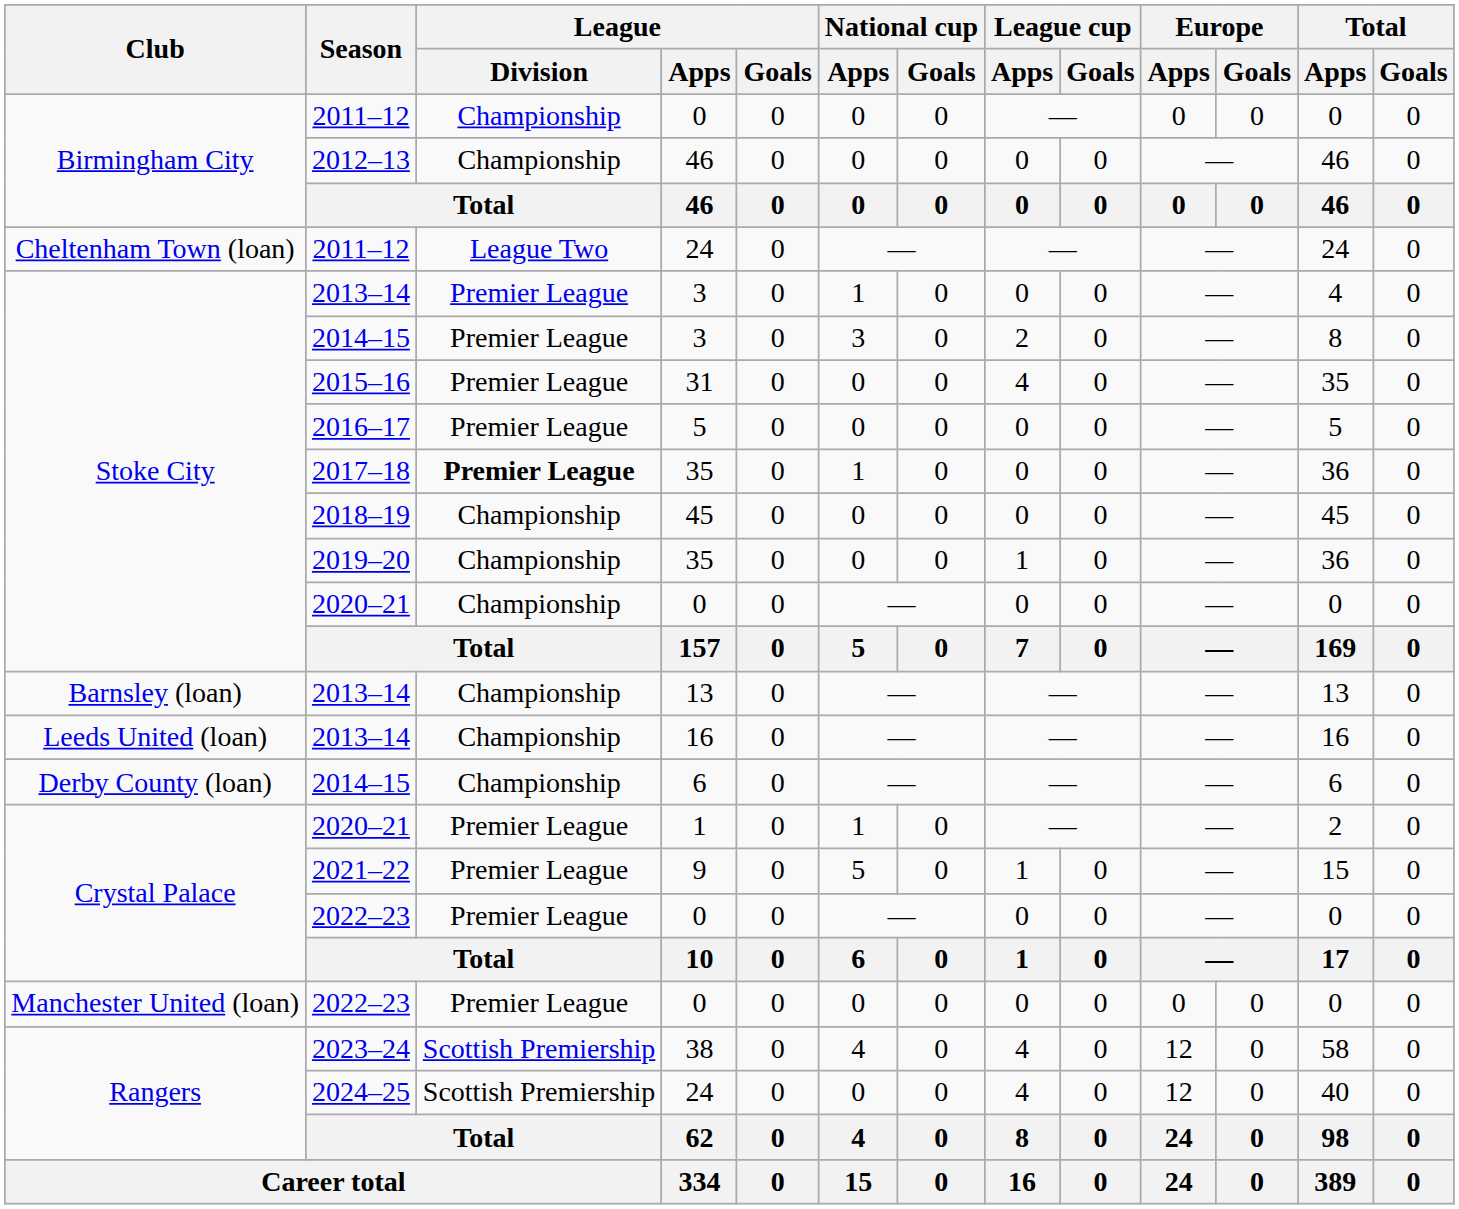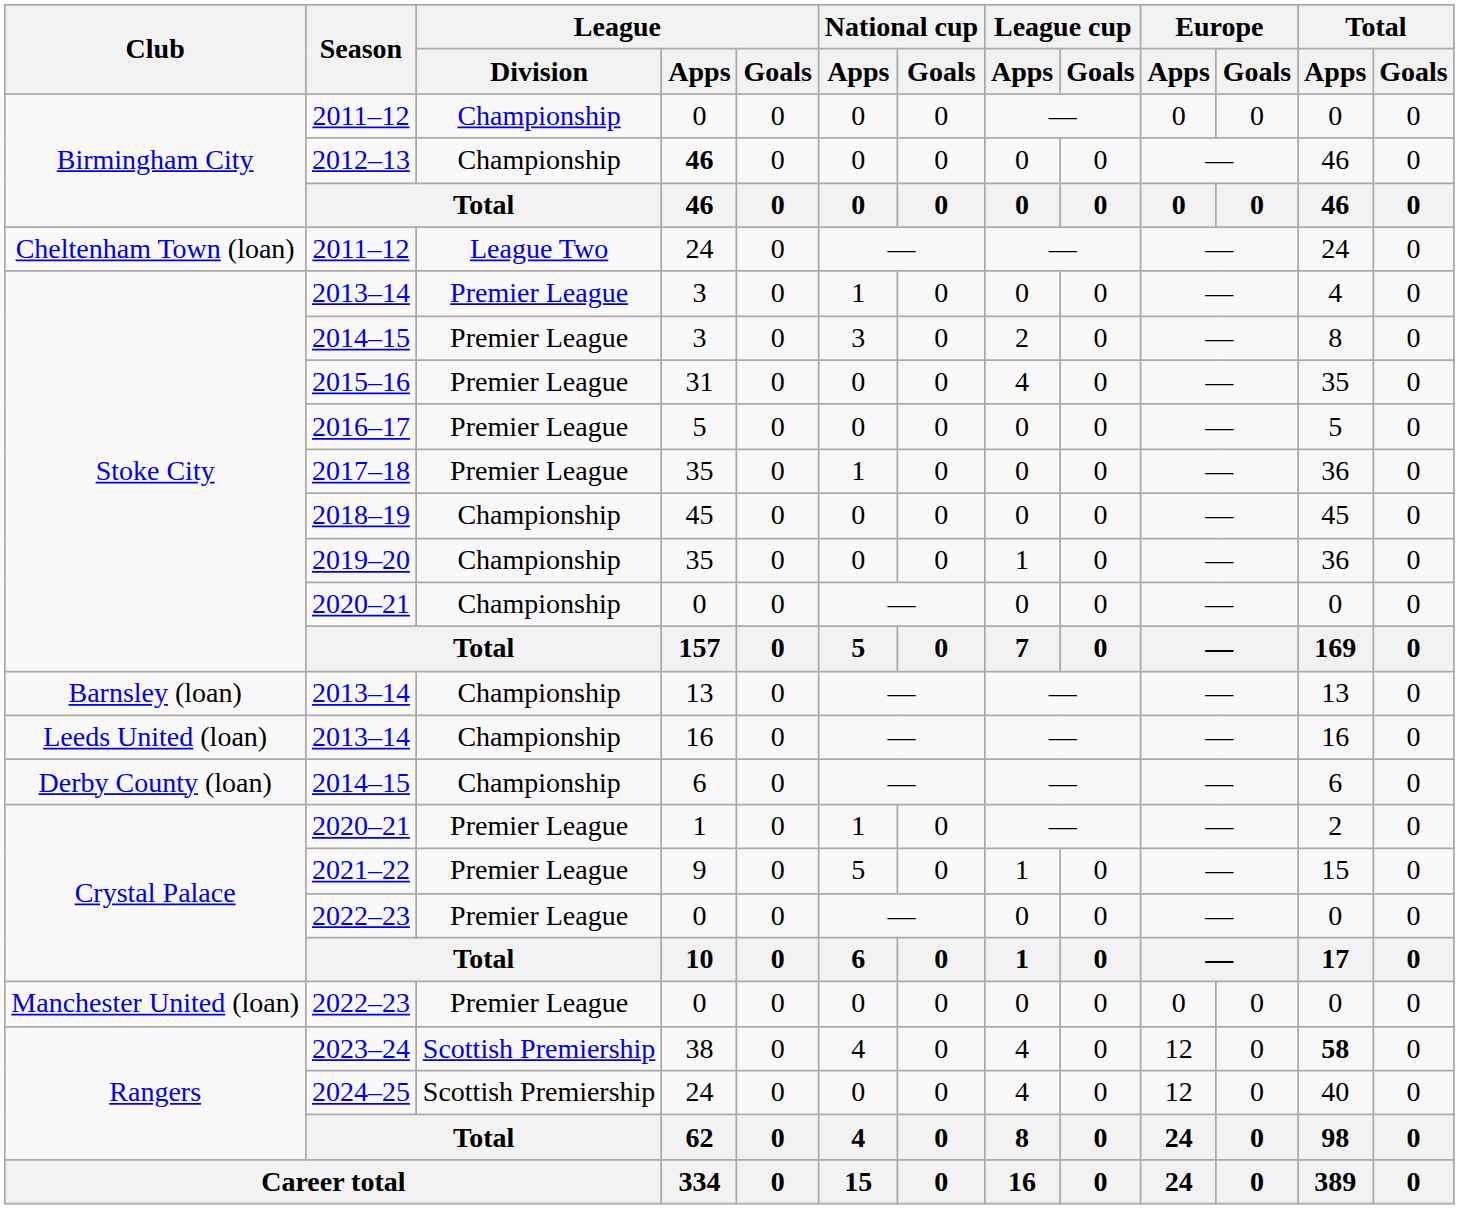 <table class=wikitable style=text-align:center>
 <tr>
 <th rowspan=2>Club</th>
 <th rowspan=2>Season</th>
 <th colspan=3>League</th>
 <th colspan=2>National cup</th>
 <th colspan=2>League cup</th>
 <th colspan=2>Europe</th>
 <th colspan=2>Total</th>
 </tr>
 <tr>
 <th>Division</th>
 <th>Apps</th>
 <th>Goals</th>
 <th>Apps</th>
 <th>Goals</th>
 <th>Apps</th>
 <th>Goals</th>
 <th>Apps</th>
 <th>Goals</th>
 <th>Apps</th>
 <th>Goals</th>
 </tr>
 <tr>
 <td rowspan=3><a href='#'>Birmingham City</a></td>
 <td><a href='#'>2011–12</a></td>
 <td><a href='#'>Championship</a></td>
 <td>0</td>
 <td>0</td>
 <td>0</td>
 <td>0</td>
 <td colspan=2>—</td>
 <td>0</td>
 <td>0</td>
 <td>0</td>
 <td>0</td>
 </tr>
 <tr>
 <td><a href='#'>2012–13</a></td>
 <td>Championship</td>
-<td>46</td>
+<td><strong>46</strong></td>
 <td>0</td>
 <td>0</td>
 <td>0</td>
 <td>0</td>
 <td>0</td>
 <td colspan=2>—</td>
 <td>46</td>
 <td>0</td>
 </tr>
 <tr>
 <th colspan=2>Total</th>
 <th>46</th>
 <th>0</th>
 <th>0</th>
 <th>0</th>
 <th>0</th>
 <th>0</th>
 <th>0</th>
 <th>0</th>
 <th>46</th>
 <th>0</th>
 </tr>
 <tr>
 <td><a href='#'>Cheltenham Town</a> (loan)</td>
 <td><a href='#'>2011–12</a></td>
 <td><a href='#'>League Two</a></td>
 <td>24</td>
 <td>0</td>
 <td colspan=2>—</td>
 <td colspan=2>—</td>
 <td colspan=2>—</td>
 <td>24</td>
 <td>0</td>
 </tr>
 <tr>
 <td rowspan=9><a href='#'>Stoke City</a></td>
 <td><a href='#'>2013–14</a></td>
 <td><a href='#'>Premier League</a></td>
 <td>3</td>
 <td>0</td>
 <td>1</td>
 <td>0</td>
 <td>0</td>
 <td>0</td>
 <td colspan=2>—</td>
 <td>4</td>
 <td>0</td>
 </tr>
 <tr>
 <td><a href='#'>2014–15</a></td>
 <td>Premier League</td>
 <td>3</td>
 <td>0</td>
 <td>3</td>
 <td>0</td>
 <td>2</td>
 <td>0</td>
 <td colspan=2>—</td>
 <td>8</td>
 <td>0</td>
 </tr>
 <tr>
 <td><a href='#'>2015–16</a></td>
 <td>Premier League</td>
 <td>31</td>
 <td>0</td>
 <td>0</td>
 <td>0</td>
 <td>4</td>
 <td>0</td>
 <td colspan=2>—</td>
 <td>35</td>
 <td>0</td>
 </tr>
 <tr>
 <td><a href='#'>2016–17</a></td>
 <td>Premier League</td>
 <td>5</td>
 <td>0</td>
 <td>0</td>
 <td>0</td>
 <td>0</td>
 <td>0</td>
 <td colspan=2>—</td>
 <td>5</td>
 <td>0</td>
 </tr>
 <tr>
 <td><a href='#'>2017–18</a></td>
-<td><strong>Premier League</strong></td>
+<td>Premier League</td>
 <td>35</td>
 <td>0</td>
 <td>1</td>
 <td>0</td>
 <td>0</td>
 <td>0</td>
 <td colspan=2>—</td>
 <td>36</td>
 <td>0</td>
 </tr>
 <tr>
 <td><a href='#'>2018–19</a></td>
 <td>Championship</td>
 <td>45</td>
 <td>0</td>
 <td>0</td>
 <td>0</td>
 <td>0</td>
 <td>0</td>
 <td colspan=2>—</td>
 <td>45</td>
 <td>0</td>
 </tr>
 <tr>
 <td><a href='#'>2019–20</a></td>
 <td>Championship</td>
 <td>35</td>
 <td>0</td>
 <td>0</td>
 <td>0</td>
 <td>1</td>
 <td>0</td>
 <td colspan=2>—</td>
 <td>36</td>
 <td>0</td>
 </tr>
 <tr>
 <td><a href='#'>2020–21</a></td>
 <td>Championship</td>
 <td>0</td>
 <td>0</td>
 <td colspan=2>—</td>
 <td>0</td>
 <td>0</td>
 <td colspan=2>—</td>
 <td>0</td>
 <td>0</td>
 </tr>
 <tr>
 <th colspan=2>Total</th>
 <th>157</th>
 <th>0</th>
 <th>5</th>
 <th>0</th>
 <th>7</th>
 <th>0</th>
 <th colspan=2>—</th>
 <th>169</th>
 <th>0</th>
 </tr>
 <tr>
 <td><a href='#'>Barnsley</a> (loan)</td>
 <td><a href='#'>2013–14</a></td>
 <td>Championship</td>
 <td>13</td>
 <td>0</td>
 <td colspan=2>—</td>
 <td colspan=2>—</td>
 <td colspan=2>—</td>
 <td>13</td>
 <td>0</td>
 </tr>
 <tr>
 <td><a href='#'>Leeds United</a> (loan)</td>
 <td><a href='#'>2013–14</a></td>
 <td>Championship</td>
 <td>16</td>
 <td>0</td>
 <td colspan=2>—</td>
 <td colspan=2>—</td>
 <td colspan=2>—</td>
 <td>16</td>
 <td>0</td>
 </tr>
 <tr>
 <td><a href='#'>Derby County</a> (loan)</td>
 <td><a href='#'>2014–15</a></td>
 <td>Championship</td>
 <td>6</td>
 <td>0</td>
 <td colspan=2>—</td>
 <td colspan=2>—</td>
 <td colspan=2>—</td>
 <td>6</td>
 <td>0</td>
 </tr>
 <tr>
 <td rowspan="4"><a href='#'>Crystal Palace</a></td>
 <td><a href='#'>2020–21</a></td>
 <td>Premier League</td>
 <td>1</td>
 <td>0</td>
 <td>1</td>
 <td>0</td>
 <td colspan=2>—</td>
 <td colspan=2>—</td>
 <td>2</td>
 <td>0</td>
 </tr>
 <tr>
 <td><a href='#'>2021–22</a></td>
 <td>Premier League</td>
 <td>9</td>
 <td>0</td>
 <td>5</td>
 <td>0</td>
 <td>1</td>
 <td>0</td>
 <td colspan=2>—</td>
 <td>15</td>
 <td>0</td>
 </tr>
 <tr>
 <td><a href='#'>2022–23</a></td>
 <td>Premier League</td>
 <td>0</td>
 <td>0</td>
 <td colspan=2>—</td>
 <td>0</td>
 <td>0</td>
 <td colspan=2>—</td>
 <td>0</td>
 <td>0</td>
 </tr>
 <tr>
 <th colspan=2>Total</th>
 <th>10</th>
 <th>0</th>
 <th>6</th>
 <th>0</th>
 <th>1</th>
 <th>0</th>
 <th colspan=2>—</th>
 <th>17</th>
 <th>0</th>
 </tr>
 <tr>
 <td><a href='#'>Manchester United</a> (loan)</td>
 <td><a href='#'>2022–23</a></td>
 <td>Premier League</td>
 <td>0</td>
 <td>0</td>
 <td>0</td>
 <td>0</td>
 <td>0</td>
 <td>0</td>
 <td>0</td>
 <td>0</td>
 <td>0</td>
 <td>0</td>
 </tr>
 <tr>
 <td rowspan="3"><a href='#'>Rangers</a></td>
 <td><a href='#'>2023–24</a></td>
 <td><a href='#'>Scottish Premiership</a></td>
 <td>38</td>
 <td>0</td>
 <td>4</td>
 <td>0</td>
 <td>4</td>
 <td>0</td>
 <td>12</td>
 <td>0</td>
-<td>58</td>
+<td><strong>58</strong></td>
 <td>0</td>
 </tr>
 <tr>
 <td><a href='#'>2024–25</a></td>
 <td>Scottish Premiership</td>
 <td>24</td>
 <td>0</td>
 <td>0</td>
 <td>0</td>
 <td>4</td>
 <td>0</td>
 <td>12</td>
 <td>0</td>
 <td>40</td>
 <td>0</td>
 </tr>
 <tr>
 <th colspan=2>Total</th>
 <th>62</th>
 <th>0</th>
 <th>4</th>
 <th>0</th>
 <th>8</th>
 <th>0</th>
 <th>24</th>
 <th>0</th>
 <th>98</th>
 <th>0</th>
 </tr>
 <tr>
 <th colspan=3>Career total</th>
 <th>334</th>
 <th>0</th>
 <th>15</th>
 <th>0</th>
 <th>16</th>
 <th>0</th>
 <th>24</th>
 <th>0</th>
 <th>389</th>
 <th>0</th>
 </tr>
 </table>
